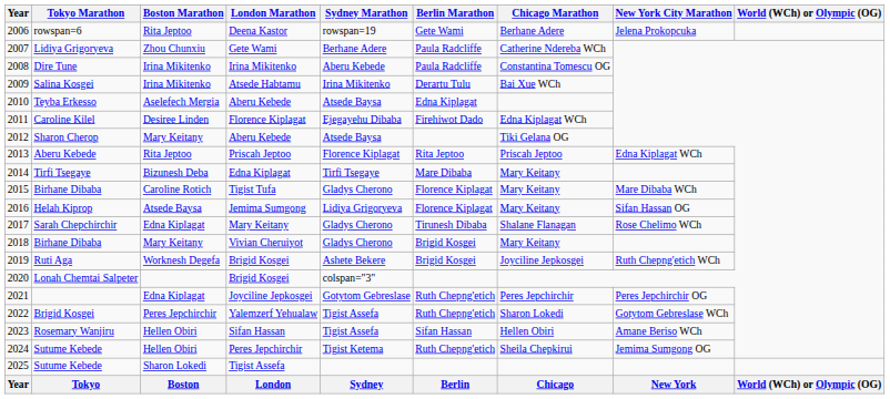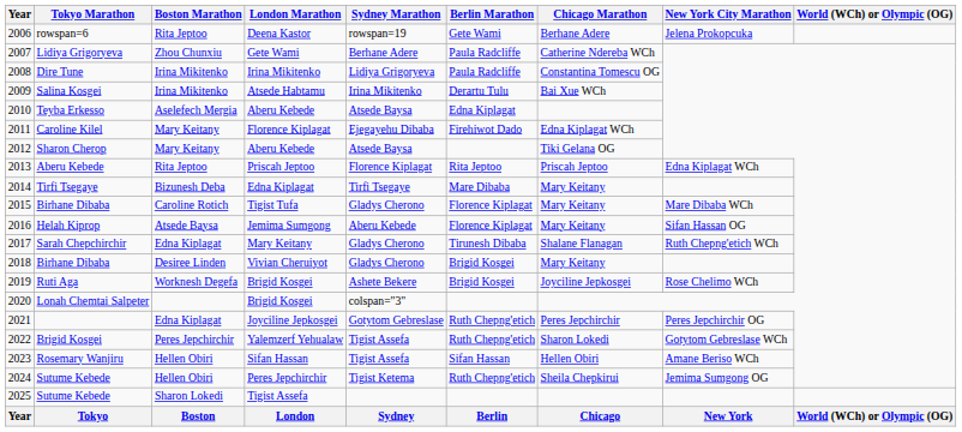 <table class="wikitable" style="font-size: 85%">
 <tr>
 <th>Year</th>
 <th><a href='#'>Tokyo Marathon</a></th>
 <th><a href='#'>Boston Marathon</a></th>
 <th><a href='#'>London Marathon</a></th>
 <th><a href='#'>Sydney Marathon</a></th>
 <th><a href='#'>Berlin Marathon</a></th>
 <th><a href='#'>Chicago Marathon</a></th>
 <th><a href='#'>New York City Marathon</a></th>
 <th><a href='#'>World</a> (WCh) or <a href='#'>Olympic</a> (OG)</th>
 </tr>
 <tr>
 <td>2006</td>
 <td>rowspan=6 </td>
 <td> <a href='#'>Rita Jeptoo</a> </td>
 <td> <a href='#'>Deena Kastor</a></td>
 <td>rowspan=19 </td>
 <td> <a href='#'>Gete Wami</a> </td>
 <td> <a href='#'>Berhane Adere</a> </td>
 <td> <a href='#'>Jelena Prokopcuka</a></td>
 <td></td>
 </tr>
 <tr>
 <td>2007</td>
 <td> <a href='#'>Lidiya Grigoryeva</a> </td>
 <td> <a href='#'>Zhou Chunxiu</a></td>
 <td> <a href='#'>Gete Wami</a> </td>
 <td> <a href='#'>Berhane Adere</a> </td>
 <td> <a href='#'>Paula Radcliffe</a> </td>
 <td> <a href='#'>Catherine Ndereba</a>  WCh</td>
 </tr>
 <tr>
 <td>2008</td>
 <td> <a href='#'>Dire Tune</a></td>
 <td> <a href='#'>Irina Mikitenko</a> </td>
 <td> <a href='#'>Irina Mikitenko</a> </td>
-<td> <a href='#'>Aberu Kebede</a> </td>
+<td> <a href='#'>Lidiya Grigoryeva</a> </td>
 <td> <a href='#'>Paula Radcliffe</a> </td>
 <td> <a href='#'>Constantina Tomescu</a>  OG</td>
 </tr>
 <tr>
 <td>2009</td>
 <td> <a href='#'>Salina Kosgei</a></td>
 <td> <a href='#'>Irina Mikitenko</a> </td>
 <td> <a href='#'>Atsede Habtamu</a></td>
 <td> <a href='#'>Irina Mikitenko</a> </td>
 <td> <a href='#'>Derartu Tulu</a></td>
 <td> <a href='#'>Bai Xue</a>  WCh</td>
 </tr>
 <tr>
 <td>2010</td>
 <td> <a href='#'>Teyba Erkesso</a></td>
 <td> <a href='#'>Aselefech Mergia</a></td>
 <td> <a href='#'>Aberu Kebede</a> </td>
 <td> <a href='#'>Atsede Baysa</a> </td>
 <td> <a href='#'>Edna Kiplagat</a> </td>
 <td></td>
 </tr>
 <tr>
 <td>2011</td>
 <td> <a href='#'>Caroline Kilel</a></td>
-<td> <a href='#'>Desiree Linden</a></td>
+<td> <a href='#'>Mary Keitany</a> </td>
 <td> <a href='#'>Florence Kiplagat</a> </td>
 <td> <a href='#'>Ejegayehu Dibaba</a></td>
 <td> <a href='#'>Firehiwot Dado</a></td>
 <td> <a href='#'>Edna Kiplagat</a>  WCh </td>
 </tr>
 <tr>
 <td>2012</td>
 <td> <a href='#'>Sharon Cherop</a></td>
 <td> <a href='#'>Mary Keitany</a> </td>
 <td> <a href='#'>Aberu Kebede</a> </td>
 <td> <a href='#'>Atsede Baysa</a> </td>
 <td></td>
 <td> <a href='#'>Tiki Gelana</a>  OG</td>
 </tr>
 <tr>
 <td>2013</td>
 <td> <a href='#'>Aberu Kebede</a> </td>
 <td> <a href='#'>Rita Jeptoo</a> </td>
 <td> <a href='#'>Priscah Jeptoo</a> </td>
 <td> <a href='#'>Florence Kiplagat</a> </td>
 <td> <a href='#'>Rita Jeptoo</a> </td>
 <td> <a href='#'>Priscah Jeptoo</a> </td>
 <td> <a href='#'>Edna Kiplagat</a>  WCh </td>
 </tr>
 <tr>
 <td>2014</td>
 <td> <a href='#'>Tirfi Tsegaye</a> </td>
 <td> <a href='#'>Bizunesh Deba</a></td>
 <td> <a href='#'>Edna Kiplagat</a> </td>
 <td> <a href='#'>Tirfi Tsegaye</a> </td>
 <td> <a href='#'>Mare Dibaba</a>  </td>
 <td> <a href='#'>Mary Keitany</a> </td>
 <td></td>
 </tr>
 <tr>
 <td>2015</td>
 <td> <a href='#'>Birhane Dibaba</a> </td>
 <td> <a href='#'>Caroline Rotich</a></td>
 <td> <a href='#'>Tigist Tufa</a></td>
 <td> <a href='#'>Gladys Cherono</a> </td>
 <td> <a href='#'>Florence Kiplagat</a> </td>
 <td> <a href='#'>Mary Keitany</a> </td>
 <td> <a href='#'>Mare Dibaba</a>  WCh  </td>
 </tr>
 <tr>
 <td>2016</td>
 <td> <a href='#'>Helah Kiprop</a></td>
 <td> <a href='#'>Atsede Baysa</a> </td>
 <td> <a href='#'>Jemima Sumgong</a></td>
-<td> <a href='#'>Lidiya Grigoryeva</a> </td>
+<td> <a href='#'>Aberu Kebede</a> </td>
 <td> <a href='#'>Florence Kiplagat</a> </td>
 <td> <a href='#'>Mary Keitany</a> </td>
 <td> <a href='#'>Sifan Hassan</a>  OG </td>
 </tr>
 <tr>
 <td>2017</td>
 <td> <a href='#'>Sarah Chepchirchir</a></td>
 <td> <a href='#'>Edna Kiplagat</a> </td>
 <td> <a href='#'>Mary Keitany</a> </td>
 <td> <a href='#'>Gladys Cherono</a> </td>
 <td> <a href='#'>Tirunesh Dibaba</a></td>
 <td> <a href='#'>Shalane Flanagan</a></td>
-<td> <a href='#'>Rose Chelimo</a>  WCh</td>
+<td> <a href='#'>Ruth Chepng'etich</a>  WCh </td>
 </tr>
 <tr>
 <td>2018</td>
 <td> <a href='#'>Birhane Dibaba</a> </td>
-<td> <a href='#'>Mary Keitany</a> </td>
+<td> <a href='#'>Desiree Linden</a></td>
 <td> <a href='#'>Vivian Cheruiyot</a></td>
 <td> <a href='#'>Gladys Cherono</a> </td>
 <td> <a href='#'>Brigid Kosgei</a> </td>
 <td> <a href='#'>Mary Keitany</a> </td>
 <td></td>
 </tr>
 <tr>
 <td>2019</td>
 <td> <a href='#'>Ruti Aga</a></td>
 <td> <a href='#'>Worknesh Degefa</a></td>
 <td> <a href='#'>Brigid Kosgei</a> </td>
 <td> <a href='#'>Ashete Bekere</a></td>
 <td> <a href='#'>Brigid Kosgei</a> </td>
 <td> <a href='#'>Joyciline Jepkosgei</a> </td>
-<td> <a href='#'>Ruth Chepng'etich</a>  WCh </td>
+<td> <a href='#'>Rose Chelimo</a>  WCh</td>
 </tr>
 <tr>
 <td>2020</td>
 <td> <a href='#'>Lonah Chemtai Salpeter</a></td>
 <td></td>
 <td> <a href='#'>Brigid Kosgei</a> </td>
 <td>colspan="3" </td>
 <td></td>
 </tr>
 <tr>
 <td>2021</td>
 <td></td>
 <td> <a href='#'>Edna Kiplagat</a> </td>
 <td> <a href='#'>Joyciline Jepkosgei</a> </td>
 <td> <a href='#'>Gotytom Gebreslase</a> </td>
 <td> <a href='#'>Ruth Chepng'etich</a> </td>
 <td> <a href='#'>Peres Jepchirchir</a> </td>
 <td> <a href='#'>Peres Jepchirchir</a>  OG </td>
 </tr>
 <tr>
 <td>2022</td>
 <td> <a href='#'>Brigid Kosgei</a> </td>
 <td> <a href='#'>Peres Jepchirchir</a> </td>
 <td> <a href='#'>Yalemzerf Yehualaw</a></td>
 <td> <a href='#'>Tigist Assefa</a> </td>
 <td> <a href='#'>Ruth Chepng'etich</a> </td>
 <td> <a href='#'>Sharon Lokedi</a>  </td>
 <td> <a href='#'>Gotytom Gebreslase</a>  WCh </td>
 </tr>
 <tr>
 <td>2023</td>
 <td> <a href='#'>Rosemary Wanjiru</a></td>
 <td> <a href='#'>Hellen Obiri</a> </td>
 <td> <a href='#'>Sifan Hassan</a> </td>
 <td> <a href='#'>Tigist Assefa</a> </td>
 <td> <a href='#'>Sifan Hassan</a> </td>
 <td> <a href='#'>Hellen Obiri</a> </td>
 <td> <a href='#'>Amane Beriso</a>  WCh</td>
 </tr>
 <tr>
 <td>2024</td>
 <td> <a href='#'>Sutume Kebede</a> </td>
 <td> <a href='#'>Hellen Obiri</a> </td>
 <td> <a href='#'>Peres Jepchirchir</a> </td>
 <td> <a href='#'>Tigist Ketema</a></td>
 <td> <a href='#'>Ruth Chepng'etich</a> </td>
 <td> <a href='#'>Sheila Chepkirui</a></td>
 <td> <a href='#'>Jemima Sumgong</a>  OG</td>
 </tr>
 <tr>
 <td>2025</td>
 <td> <a href='#'>Sutume Kebede</a> </td>
 <td> <a href='#'>Sharon Lokedi</a> </td>
 <td> <a href='#'>Tigist Assefa</a> </td>
 <td></td>
 <td></td>
 <td></td>
 <td></td>
 <td></td>
 </tr>
 <tr>
 <th>Year</th>
 <th><a href='#'>Tokyo</a></th>
 <th><a href='#'>Boston</a></th>
 <th><a href='#'>London</a></th>
 <th><a href='#'>Sydney</a></th>
 <th><a href='#'>Berlin</a></th>
 <th><a href='#'>Chicago</a></th>
 <th><a href='#'>New York</a></th>
 <th><a href='#'>World</a> (WCh) or <a href='#'>Olympic</a> (OG)</th>
 </tr>
 </table>
